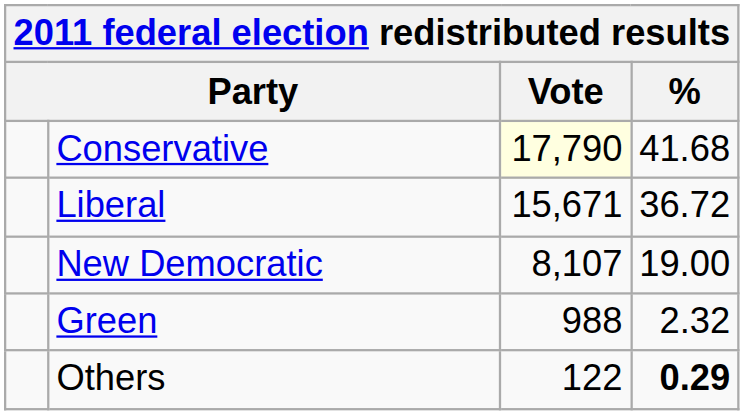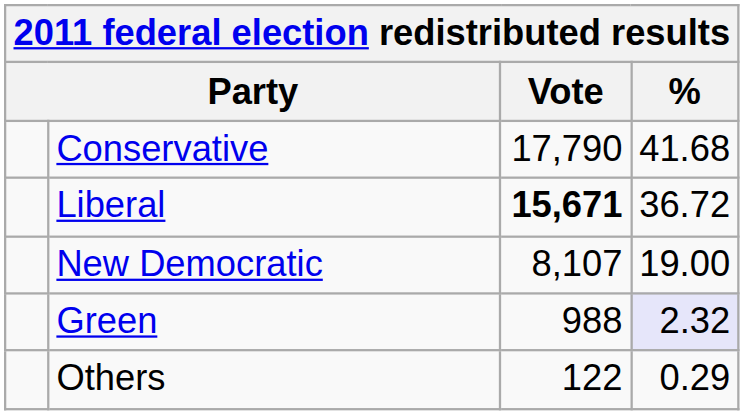 <table class="wikitable">
 <tr>
 <th colspan="4"><a href='#'>2011 federal election</a> redistributed results</th>
 </tr>
 <tr>
 <th bgcolor="#DDDDFF" width="130px" colspan="2">Party</th>
 <th bgcolor="#DDDDFF" width="50px">Vote</th>
 <th bgcolor="#DDDDFF" width="30px">%</th>
 </tr>
 <tr>
 <td> </td>
 <td><a href='#'>Conservative</a></td>
-<td align="right" style="background: lightyellow;">17,790</td>
+<td align="right">17,790</td>
 <td align="right">41.68</td>
 </tr>
 <tr>
 <td> </td>
 <td><a href='#'>Liberal</a></td>
-<td align="right">15,671</td>
+<td align="right"><strong>15,671</strong></td>
 <td align="right">36.72</td>
 </tr>
 <tr>
 <td> </td>
 <td><a href='#'>New Democratic</a></td>
 <td align="right">8,107</td>
 <td align="right">19.00</td>
 </tr>
 <tr>
 <td> </td>
 <td><a href='#'>Green</a></td>
 <td align="right">988</td>
-<td align="right">2.32</td>
+<td align="right" style="background: lavender;">2.32</td>
 </tr>
 <tr>
 <td> </td>
 <td>Others</td>
 <td align="right">122</td>
-<td align="right"><strong>0.29</strong></td>
+<td align="right">0.29</td>
 </tr>
 </table>
